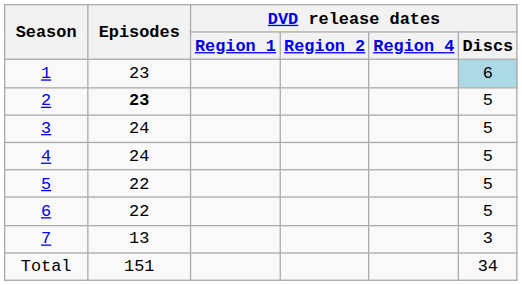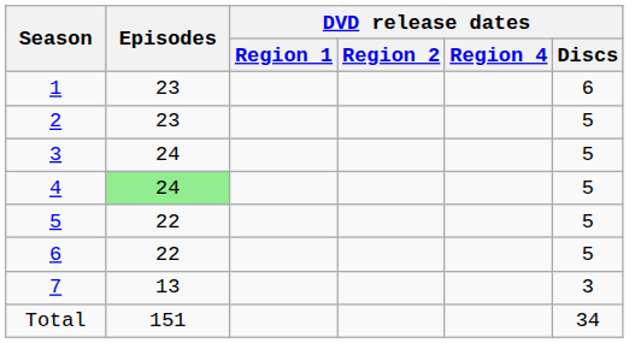 <table class="wikitable plainrowheaders" style="text-align: center;">
 <tr>
 <th style="padding: 0 8px;" rowspan="2">Season</th>
 <th style="padding: 0 8px;" rowspan="2">Episodes</th>
 <th colspan="4"><a href='#'>DVD</a> release dates</th>
 </tr>
 <tr>
 <th><a href='#'>Region 1</a></th>
 <th><a href='#'>Region 2</a></th>
 <th><a href='#'>Region 4</a></th>
 <th>Discs</th>
 </tr>
 <tr>
 <td scope="row"><a href='#'>1</a></td>
 <td>23</td>
 <td></td>
 <td></td>
 <td></td>
-<td style="background: lightblue;">6</td>
+<td>6</td>
 </tr>
 <tr>
 <td scope="row"><a href='#'>2</a></td>
-<td><strong>23</strong></td>
+<td>23</td>
 <td></td>
 <td></td>
 <td></td>
 <td>5</td>
 </tr>
 <tr>
 <td scope="row"><a href='#'>3</a></td>
 <td>24</td>
 <td></td>
 <td></td>
 <td></td>
 <td>5</td>
 </tr>
 <tr>
 <td scope="row"><a href='#'>4</a></td>
-<td>24</td>
+<td style="background: lightgreen;">24</td>
 <td></td>
 <td></td>
 <td></td>
 <td>5</td>
 </tr>
 <tr>
 <td scope="row"><a href='#'>5</a></td>
 <td>22</td>
 <td></td>
 <td></td>
 <td></td>
 <td>5</td>
 </tr>
 <tr>
 <td scope="row"><a href='#'>6</a></td>
 <td>22</td>
 <td></td>
 <td></td>
 <td></td>
 <td>5</td>
 </tr>
 <tr>
 <td scope="row"><a href='#'>7</a></td>
 <td>13</td>
 <td></td>
 <td></td>
 <td></td>
 <td>3</td>
 </tr>
 <tr>
 <td scope="row">Total</td>
 <td>151</td>
 <td></td>
 <td></td>
 <td></td>
 <td>34</td>
 </tr>
 </table>
